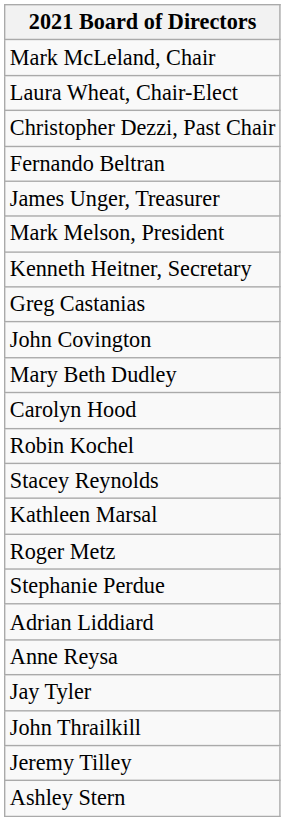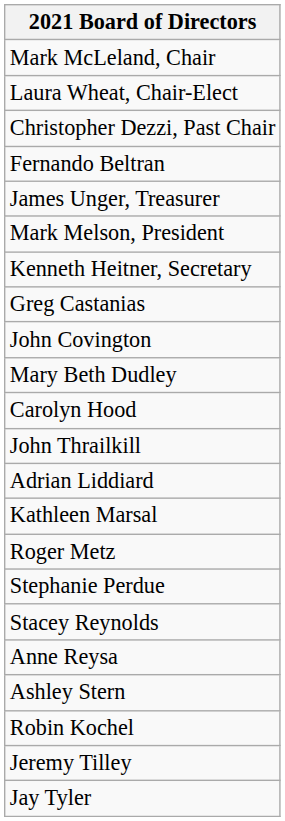 <table class="wikitable" style="border: 1px solid darkgray;">
 <tr>
 <th><strong>2021 Board of Directors</strong></th>
 </tr>
 <tr>
 <td>Mark McLeland, Chair</td>
 </tr>
 <tr>
 <td>Laura Wheat, Chair-Elect</td>
 </tr>
 <tr>
 <td>Christopher Dezzi, Past Chair</td>
 </tr>
 <tr>
 <td>Fernando Beltran</td>
 </tr>
 <tr>
 <td>James Unger, Treasurer</td>
 </tr>
 <tr>
 <td>Mark Melson, President</td>
 </tr>
 <tr>
 <td>Kenneth Heitner, Secretary</td>
 </tr>
 <tr>
 <td>Greg Castanias</td>
 </tr>
 <tr>
 <td>John Covington</td>
 </tr>
 <tr>
 <td>Mary Beth Dudley</td>
 </tr>
 <tr>
 <td>Carolyn Hood</td>
 </tr>
 <tr>
-<td>Robin Kochel</td>
+<td>John Thrailkill</td>
 </tr>
 <tr>
-<td>Stacey Reynolds</td>
+<td>Adrian Liddiard</td>
 </tr>
 <tr>
 <td>Kathleen Marsal</td>
 </tr>
 <tr>
 <td>Roger Metz</td>
 </tr>
 <tr>
 <td>Stephanie Perdue</td>
 </tr>
 <tr>
-<td>Adrian Liddiard</td>
+<td>Stacey Reynolds</td>
 </tr>
 <tr>
 <td>Anne Reysa</td>
 </tr>
 <tr>
-<td>Jay Tyler</td>
+<td>Ashley Stern</td>
 </tr>
 <tr>
-<td>John Thrailkill</td>
+<td>Robin Kochel</td>
 </tr>
 <tr>
 <td>Jeremy Tilley</td>
 </tr>
 <tr>
-<td>Ashley Stern</td>
+<td>Jay Tyler</td>
 </tr>
 </table>
